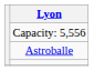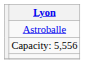 <table class="wikitable" style="text-align:center">
 <tr>
 <th rowspan="4" colspan="2"></th>
 <th><a href='#'>Lyon</a></th>
 </tr>
 <tr>
-<td>Capacity: 5,556</td>
+<td><a href='#'>Astroballe</a></td>
 </tr>
 <tr>
-<td><a href='#'>Astroballe</a></td>
+<td>Capacity: 5,556</td>
 </tr>
 <tr>
 <td></td>
 </tr>
 <tr>
 </tr>
 </table>
